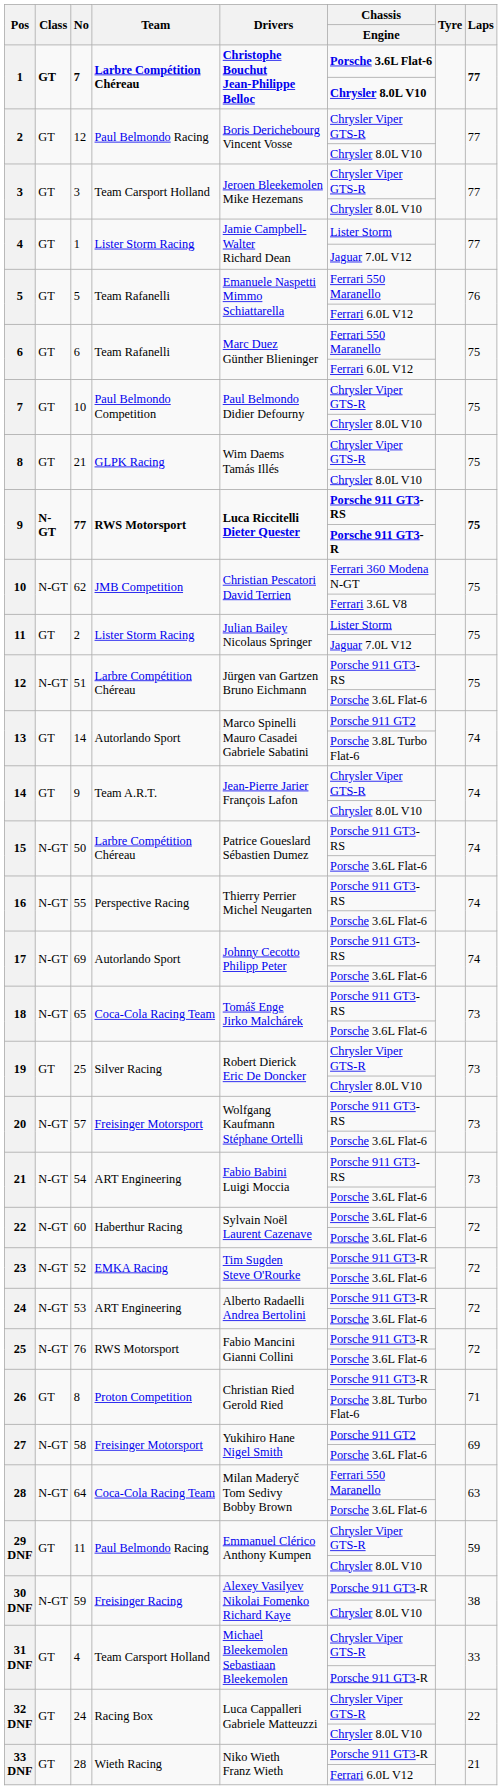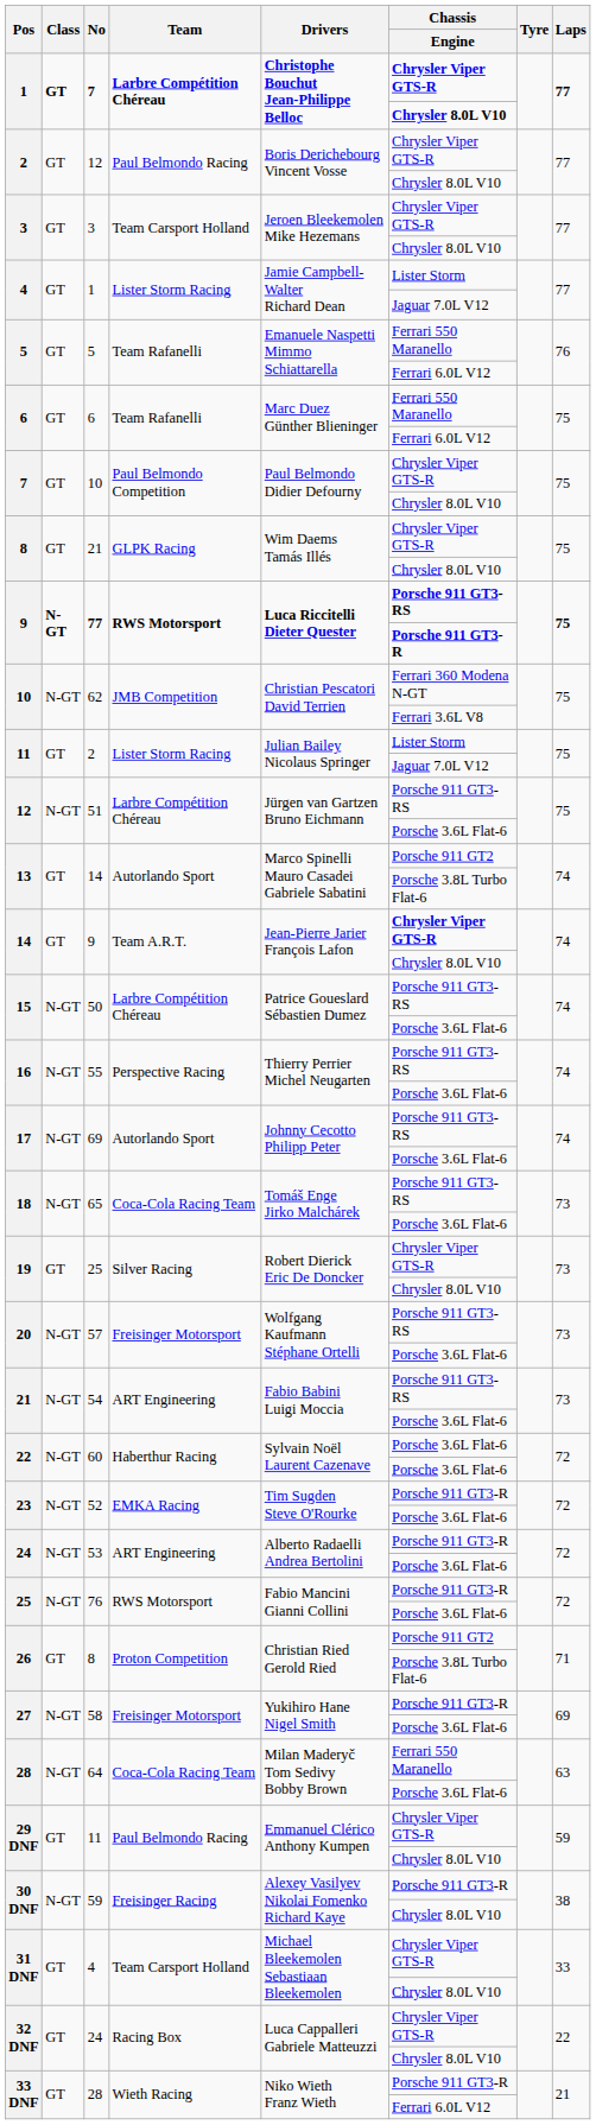 <table class="wikitable" style="font-size: 95%;">
 <tr>
 <th rowspan=2>Pos</th>
 <th rowspan=2>Class</th>
 <th rowspan=2>No</th>
 <th rowspan=2>Team</th>
 <th rowspan=2>Drivers</th>
 <th>Chassis</th>
 <th rowspan=2>Tyre</th>
 <th rowspan=2>Laps</th>
 </tr>
 <tr>
 <th>Engine</th>
 </tr>
 <tr style="font-weight:bold">
 <th rowspan=2>1</th>
 <td rowspan=2>GT</td>
 <td rowspan=2>7</td>
 <td rowspan=2> <a href='#'>Larbre Compétition</a> Chéreau</td>
 <td rowspan=2> <a href='#'>Christophe Bouchut</a><br> <a href='#'>Jean-Philippe Belloc</a></td>
-<td><a href='#'>Porsche</a> 3.6L Flat-6</td>
+<td><a href='#'>Chrysler Viper GTS-R</a></td>
 <td rowspan=2></td>
 <td rowspan=2>77</td>
 </tr>
 <tr style="font-weight:bold">
 <td><a href='#'>Chrysler</a> 8.0L V10</td>
 </tr>
 <tr>
 <th rowspan=2>2</th>
 <td rowspan=2>GT</td>
 <td rowspan=2>12</td>
 <td rowspan=2> <a href='#'>Paul Belmondo</a> Racing</td>
 <td rowspan=2> <a href='#'>Boris Derichebourg</a><br> Vincent Vosse</td>
 <td><a href='#'>Chrysler Viper GTS-R</a></td>
 <td rowspan=2></td>
 <td rowspan=2>77</td>
 </tr>
 <tr>
 <td><a href='#'>Chrysler</a> 8.0L V10</td>
 </tr>
 <tr>
 <th rowspan=2>3</th>
 <td rowspan=2>GT</td>
 <td rowspan=2>3</td>
 <td rowspan=2> Team Carsport Holland</td>
 <td rowspan=2> <a href='#'>Jeroen Bleekemolen</a><br> Mike Hezemans</td>
 <td><a href='#'>Chrysler Viper GTS-R</a></td>
 <td rowspan=2></td>
 <td rowspan=2>77</td>
 </tr>
 <tr>
 <td><a href='#'>Chrysler</a> 8.0L V10</td>
 </tr>
 <tr>
 <th rowspan=2>4</th>
 <td rowspan=2>GT</td>
 <td rowspan=2>1</td>
 <td rowspan=2> <a href='#'>Lister Storm Racing</a></td>
 <td rowspan=2> <a href='#'>Jamie Campbell-Walter</a><br> Richard Dean</td>
 <td><a href='#'>Lister Storm</a></td>
 <td rowspan=2></td>
 <td rowspan=2>77</td>
 </tr>
 <tr>
 <td><a href='#'>Jaguar</a> 7.0L V12</td>
 </tr>
 <tr>
 <th rowspan=2>5</th>
 <td rowspan=2>GT</td>
 <td rowspan=2>5</td>
 <td rowspan=2> Team Rafanelli</td>
 <td rowspan=2> <a href='#'>Emanuele Naspetti</a><br> <a href='#'>Mimmo Schiattarella</a></td>
 <td><a href='#'>Ferrari 550 Maranello</a></td>
 <td rowspan=2></td>
 <td rowspan=2>76</td>
 </tr>
 <tr>
 <td><a href='#'>Ferrari</a> 6.0L V12</td>
 </tr>
 <tr>
 <th rowspan=2>6</th>
 <td rowspan=2>GT</td>
 <td rowspan=2>6</td>
 <td rowspan=2> Team Rafanelli</td>
 <td rowspan=2> <a href='#'>Marc Duez</a><br> Günther Blieninger</td>
 <td><a href='#'>Ferrari 550 Maranello</a></td>
 <td rowspan=2></td>
 <td rowspan=2>75</td>
 </tr>
 <tr>
 <td><a href='#'>Ferrari</a> 6.0L V12</td>
 </tr>
 <tr>
 <th rowspan=2>7</th>
 <td rowspan=2>GT</td>
 <td rowspan=2>10</td>
 <td rowspan=2> <a href='#'>Paul Belmondo</a> Competition</td>
 <td rowspan=2> <a href='#'>Paul Belmondo</a><br> Didier Defourny</td>
 <td><a href='#'>Chrysler Viper GTS-R</a></td>
 <td rowspan=2></td>
 <td rowspan=2>75</td>
 </tr>
 <tr>
 <td><a href='#'>Chrysler</a> 8.0L V10</td>
 </tr>
 <tr>
 <th rowspan=2>8</th>
 <td rowspan=2>GT</td>
 <td rowspan=2>21</td>
 <td rowspan=2> <a href='#'>GLPK Racing</a></td>
 <td rowspan=2> Wim Daems<br> Tamás Illés</td>
 <td><a href='#'>Chrysler Viper GTS-R</a></td>
 <td rowspan=2></td>
 <td rowspan=2>75</td>
 </tr>
 <tr>
 <td><a href='#'>Chrysler</a> 8.0L V10</td>
 </tr>
 <tr style="font-weight:bold">
 <th rowspan=2>9</th>
 <td rowspan=2>N-GT</td>
 <td rowspan=2>77</td>
 <td rowspan=2> RWS Motorsport</td>
 <td rowspan=2> Luca Riccitelli<br> <a href='#'>Dieter Quester</a></td>
 <td><a href='#'>Porsche 911 GT3</a>-RS</td>
 <td rowspan=2></td>
 <td rowspan=2>75</td>
 </tr>
 <tr style="font-weight:bold">
 <td><a href='#'>Porsche 911 GT3</a>-R</td>
 </tr>
 <tr>
 <th rowspan=2>10</th>
 <td rowspan=2>N-GT</td>
 <td rowspan=2>62</td>
 <td rowspan=2> <a href='#'>JMB Competition</a></td>
 <td rowspan=2> <a href='#'>Christian Pescatori</a><br> <a href='#'>David Terrien</a></td>
 <td><a href='#'>Ferrari 360 Modena</a> N-GT</td>
 <td rowspan=2></td>
 <td rowspan=2>75</td>
 </tr>
 <tr>
 <td><a href='#'>Ferrari</a> 3.6L V8</td>
 </tr>
 <tr>
 <th rowspan=2>11</th>
 <td rowspan=2>GT</td>
 <td rowspan=2>2</td>
 <td rowspan=2> <a href='#'>Lister Storm Racing</a></td>
 <td rowspan=2> <a href='#'>Julian Bailey</a><br> Nicolaus Springer</td>
 <td><a href='#'>Lister Storm</a></td>
 <td rowspan=2></td>
 <td rowspan=2>75</td>
 </tr>
 <tr>
 <td><a href='#'>Jaguar</a> 7.0L V12</td>
 </tr>
 <tr>
 <th rowspan=2>12</th>
 <td rowspan=2>N-GT</td>
 <td rowspan=2>51</td>
 <td rowspan=2> <a href='#'>Larbre Compétition</a> Chéreau</td>
 <td rowspan=2> Jürgen van Gartzen<br> Bruno Eichmann</td>
 <td><a href='#'>Porsche 911 GT3</a>-RS</td>
 <td rowspan=2></td>
 <td rowspan=2>75</td>
 </tr>
 <tr>
 <td><a href='#'>Porsche</a> 3.6L Flat-6</td>
 </tr>
 <tr>
 <th rowspan=2>13</th>
 <td rowspan=2>GT</td>
 <td rowspan=2>14</td>
 <td rowspan=2> Autorlando Sport</td>
 <td rowspan=2> Marco Spinelli<br> Mauro Casadei<br> Gabriele Sabatini</td>
 <td><a href='#'>Porsche 911 GT2</a></td>
 <td rowspan=2></td>
 <td rowspan=2>74</td>
 </tr>
 <tr>
 <td><a href='#'>Porsche</a> 3.8L Turbo Flat-6</td>
 </tr>
 <tr>
 <th rowspan=2>14</th>
 <td rowspan=2>GT</td>
 <td rowspan=2>9</td>
 <td rowspan=2> Team A.R.T.</td>
 <td rowspan=2> <a href='#'>Jean-Pierre Jarier</a><br> François Lafon</td>
-<td><a href='#'>Chrysler Viper GTS-R</a></td>
+<td><strong><a href='#'>Chrysler Viper GTS-R</a></strong></td>
 <td rowspan=2></td>
 <td rowspan=2>74</td>
 </tr>
 <tr>
 <td><a href='#'>Chrysler</a> 8.0L V10</td>
 </tr>
 <tr>
 <th rowspan=2>15</th>
 <td rowspan=2>N-GT</td>
 <td rowspan=2>50</td>
 <td rowspan=2> <a href='#'>Larbre Compétition</a> Chéreau</td>
 <td rowspan=2> Patrice Goueslard<br> Sébastien Dumez</td>
 <td><a href='#'>Porsche 911 GT3</a>-RS</td>
 <td rowspan=2></td>
 <td rowspan=2>74</td>
 </tr>
 <tr>
 <td><a href='#'>Porsche</a> 3.6L Flat-6</td>
 </tr>
 <tr>
 <th rowspan=2>16</th>
 <td rowspan=2>N-GT</td>
 <td rowspan=2>55</td>
 <td rowspan=2> Perspective Racing</td>
 <td rowspan=2> Thierry Perrier<br> Michel Neugarten</td>
 <td><a href='#'>Porsche 911 GT3</a>-RS</td>
 <td rowspan=2></td>
 <td rowspan=2>74</td>
 </tr>
 <tr>
 <td><a href='#'>Porsche</a> 3.6L Flat-6</td>
 </tr>
 <tr>
 <th rowspan=2>17</th>
 <td rowspan=2>N-GT</td>
 <td rowspan=2>69</td>
 <td rowspan=2> Autorlando Sport</td>
 <td rowspan=2> <a href='#'>Johnny Cecotto</a><br> <a href='#'>Philipp Peter</a></td>
 <td><a href='#'>Porsche 911 GT3</a>-RS</td>
 <td rowspan=2></td>
 <td rowspan=2>74</td>
 </tr>
 <tr>
 <td><a href='#'>Porsche</a> 3.6L Flat-6</td>
 </tr>
 <tr>
 <th rowspan=2>18</th>
 <td rowspan=2>N-GT</td>
 <td rowspan=2>65</td>
 <td rowspan=2> <a href='#'>Coca-Cola Racing Team</a></td>
 <td rowspan=2> <a href='#'>Tomáš Enge</a><br> <a href='#'>Jirko Malchárek</a></td>
 <td><a href='#'>Porsche 911 GT3</a>-RS</td>
 <td rowspan=2></td>
 <td rowspan=2>73</td>
 </tr>
 <tr>
 <td><a href='#'>Porsche</a> 3.6L Flat-6</td>
 </tr>
 <tr>
 <th rowspan=2>19</th>
 <td rowspan=2>GT</td>
 <td rowspan=2>25</td>
 <td rowspan=2> Silver Racing</td>
 <td rowspan=2> Robert Dierick<br> <a href='#'>Eric De Doncker</a></td>
 <td><a href='#'>Chrysler Viper GTS-R</a></td>
 <td rowspan=2></td>
 <td rowspan=2>73</td>
 </tr>
 <tr>
 <td><a href='#'>Chrysler</a> 8.0L V10</td>
 </tr>
 <tr>
 <th rowspan=2>20</th>
 <td rowspan=2>N-GT</td>
 <td rowspan=2>57</td>
 <td rowspan=2> <a href='#'>Freisinger Motorsport</a></td>
 <td rowspan=2> Wolfgang Kaufmann<br> <a href='#'>Stéphane Ortelli</a></td>
 <td><a href='#'>Porsche 911 GT3</a>-RS</td>
 <td rowspan=2></td>
 <td rowspan=2>73</td>
 </tr>
 <tr>
 <td><a href='#'>Porsche</a> 3.6L Flat-6</td>
 </tr>
 <tr>
 <th rowspan=2>21</th>
 <td rowspan=2>N-GT</td>
 <td rowspan=2>54</td>
 <td rowspan=2> ART Engineering</td>
 <td rowspan=2> <a href='#'>Fabio Babini</a><br> Luigi Moccia</td>
 <td><a href='#'>Porsche 911 GT3</a>-RS</td>
 <td rowspan=2></td>
 <td rowspan=2>73</td>
 </tr>
 <tr>
 <td><a href='#'>Porsche</a> 3.6L Flat-6</td>
 </tr>
 <tr>
 <th rowspan=2>22</th>
 <td rowspan=2>N-GT</td>
 <td rowspan=2>60</td>
 <td rowspan=2> Haberthur Racing</td>
 <td rowspan=2> Sylvain Noël<br> <a href='#'>Laurent Cazenave</a></td>
 <td><a href='#'>Porsche</a> 3.6L Flat-6</td>
 <td rowspan=2></td>
 <td rowspan=2>72</td>
 </tr>
 <tr>
 <td><a href='#'>Porsche</a> 3.6L Flat-6</td>
 </tr>
 <tr>
 <th rowspan=2>23</th>
 <td rowspan=2>N-GT</td>
 <td rowspan=2>52</td>
 <td rowspan=2> <a href='#'>EMKA Racing</a></td>
 <td rowspan=2> <a href='#'>Tim Sugden</a><br> <a href='#'>Steve O'Rourke</a></td>
 <td><a href='#'>Porsche 911 GT3</a>-R</td>
 <td rowspan=2></td>
 <td rowspan=2>72</td>
 </tr>
 <tr>
 <td><a href='#'>Porsche</a> 3.6L Flat-6</td>
 </tr>
 <tr>
 <th rowspan=2>24</th>
 <td rowspan=2>N-GT</td>
 <td rowspan=2>53</td>
 <td rowspan=2> ART Engineering</td>
 <td rowspan=2> Alberto Radaelli<br> <a href='#'>Andrea Bertolini</a></td>
 <td><a href='#'>Porsche 911 GT3</a>-R</td>
 <td rowspan=2></td>
 <td rowspan=2>72</td>
 </tr>
 <tr>
 <td><a href='#'>Porsche</a> 3.6L Flat-6</td>
 </tr>
 <tr>
 <th rowspan=2>25</th>
 <td rowspan=2>N-GT</td>
 <td rowspan=2>76</td>
 <td rowspan=2> RWS Motorsport</td>
 <td rowspan=2> Fabio Mancini<br> Gianni Collini</td>
 <td><a href='#'>Porsche 911 GT3</a>-R</td>
 <td rowspan=2></td>
 <td rowspan=2>72</td>
 </tr>
 <tr>
 <td><a href='#'>Porsche</a> 3.6L Flat-6</td>
 </tr>
 <tr>
 <th rowspan=2>26</th>
 <td rowspan=2>GT</td>
 <td rowspan=2>8</td>
 <td rowspan=2> <a href='#'>Proton Competition</a></td>
 <td rowspan=2> Christian Ried<br> Gerold Ried</td>
-<td><a href='#'>Porsche 911 GT3</a>-R</td>
+<td><a href='#'>Porsche 911 GT2</a></td>
 <td rowspan=2></td>
 <td rowspan=2>71</td>
 </tr>
 <tr>
 <td><a href='#'>Porsche</a> 3.8L Turbo Flat-6</td>
 </tr>
 <tr>
 <th rowspan=2>27</th>
 <td rowspan=2>N-GT</td>
 <td rowspan=2>58</td>
 <td rowspan=2> <a href='#'>Freisinger Motorsport</a></td>
 <td rowspan=2> Yukihiro Hane<br> <a href='#'>Nigel Smith</a></td>
-<td><a href='#'>Porsche 911 GT2</a></td>
+<td><a href='#'>Porsche 911 GT3</a>-R</td>
 <td rowspan=2></td>
 <td rowspan=2>69</td>
 </tr>
 <tr>
 <td><a href='#'>Porsche</a> 3.6L Flat-6</td>
 </tr>
 <tr>
 <th rowspan=2>28</th>
 <td rowspan=2>N-GT</td>
 <td rowspan=2>64</td>
 <td rowspan=2> <a href='#'>Coca-Cola Racing Team</a></td>
 <td rowspan=2> Milan Maderyč<br> Tom Sedivy<br> Bobby Brown</td>
 <td><a href='#'>Ferrari 550 Maranello</a></td>
 <td rowspan=2></td>
 <td rowspan=2>63</td>
 </tr>
 <tr>
 <td><a href='#'>Porsche</a> 3.6L Flat-6</td>
 </tr>
 <tr>
 <th rowspan=2>29<br>DNF</th>
 <td rowspan=2>GT</td>
 <td rowspan=2>11</td>
 <td rowspan=2> <a href='#'>Paul Belmondo</a> Racing</td>
 <td rowspan=2> <a href='#'>Emmanuel Clérico</a><br> Anthony Kumpen</td>
 <td><a href='#'>Chrysler Viper GTS-R</a></td>
 <td rowspan=2></td>
 <td rowspan=2>59</td>
 </tr>
 <tr>
 <td><a href='#'>Chrysler</a> 8.0L V10</td>
 </tr>
 <tr>
 <th rowspan=2>30<br>DNF</th>
 <td rowspan=2>N-GT</td>
 <td rowspan=2>59</td>
 <td rowspan=2> <a href='#'>Freisinger Racing</a></td>
 <td rowspan=2> <a href='#'>Alexey Vasilyev</a><br> <a href='#'>Nikolai Fomenko</a><br> <a href='#'>Richard Kaye</a></td>
 <td><a href='#'>Porsche 911 GT3</a>-R</td>
 <td rowspan=2></td>
 <td rowspan=2>38</td>
 </tr>
 <tr>
 <td><a href='#'>Chrysler</a> 8.0L V10</td>
 </tr>
 <tr>
 <th rowspan=2>31<br>DNF</th>
 <td rowspan=2>GT</td>
 <td rowspan=2>4</td>
 <td rowspan=2> Team Carsport Holland</td>
 <td rowspan=2> <a href='#'>Michael Bleekemolen</a><br> <a href='#'>Sebastiaan Bleekemolen</a></td>
 <td><a href='#'>Chrysler Viper GTS-R</a></td>
 <td rowspan=2></td>
 <td rowspan=2>33</td>
 </tr>
 <tr>
-<td><a href='#'>Porsche 911 GT3</a>-R</td>
+<td><a href='#'>Chrysler</a> 8.0L V10</td>
 </tr>
 <tr>
 <th rowspan=2>32<br>DNF</th>
 <td rowspan=2>GT</td>
 <td rowspan=2>24</td>
 <td rowspan=2> Racing Box</td>
 <td rowspan=2> Luca Cappalleri<br> Gabriele Matteuzzi</td>
 <td><a href='#'>Chrysler Viper GTS-R</a></td>
 <td rowspan=2></td>
 <td rowspan=2>22</td>
 </tr>
 <tr>
 <td><a href='#'>Chrysler</a> 8.0L V10</td>
 </tr>
 <tr>
 <th rowspan=2>33<br>DNF</th>
 <td rowspan=2>GT</td>
 <td rowspan=2>28</td>
 <td rowspan=2> Wieth Racing</td>
 <td rowspan=2> Niko Wieth<br> Franz Wieth</td>
 <td><a href='#'>Porsche 911 GT3</a>-R</td>
 <td rowspan=2></td>
 <td rowspan=2>21</td>
 </tr>
 <tr>
 <td><a href='#'>Ferrari</a> 6.0L V12</td>
 </tr>
 </table>
